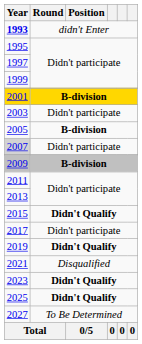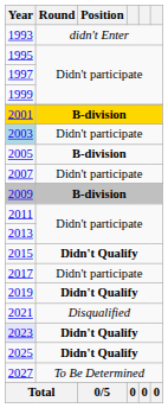 <table class="wikitable" style="text-align: center;">
 <tr>
 <th>Year</th>
 <th>Round</th>
 <th>Position</th>
 <th></th>
 <th></th>
 <th></th>
 </tr>
 <tr>
-<td><strong> <a href='#'>1993</a></strong></td>
+<td> <a href='#'>1993</a></td>
 <td colspan=5><em>didn't Enter</em></td>
 </tr>
 <tr>
 <td> <a href='#'>1995</a></td>
 <td colspan="5" rowspan="3">Didn't participate</td>
 </tr>
 <tr>
 <td> <a href='#'>1997</a></td>
 </tr>
 <tr>
 <td> <a href='#'>1999</a></td>
 </tr>
 <tr>
 </tr>
 <tr style="background:gold">
 <td> <a href='#'>2001</a></td>
 <td colspan=5><strong>B-division</strong></td>
 </tr>
 <tr>
-<td> <a href='#'>2003</a></td>
+<td style="background: lightblue;"> <a href='#'>2003</a></td>
 <td colspan=5>Didn't participate</td>
 </tr>
 <tr>
 <td> <a href='#'>2005</a></td>
 <td colspan=5><strong>B-division</strong></td>
 </tr>
 <tr>
-<td style="background: lightgrey;"> <a href='#'>2007</a></td>
+<td> <a href='#'>2007</a></td>
 <td colspan=5>Didn't participate</td>
 </tr>
 <tr>
 </tr>
 <tr style="background:silver">
 <td> <a href='#'>2009</a></td>
 <td colspan=5><strong>B-division</strong></td>
 </tr>
 <tr>
 <td> <a href='#'>2011</a></td>
 <td colspan="5" rowspan="2">Didn't participate</td>
 </tr>
 <tr>
 <td> <a href='#'>2013</a></td>
 </tr>
 <tr>
 <td> <a href='#'>2015</a></td>
 <td colspan=5><strong>Didn't Qualify</strong></td>
 </tr>
 <tr>
 <td> <a href='#'>2017</a></td>
 <td colspan=5>Didn't participate</td>
 </tr>
 <tr>
 <td> <a href='#'>2019</a></td>
 <td colspan=5><strong>Didn't Qualify</strong></td>
 </tr>
 <tr>
 <td> <a href='#'>2021</a></td>
 <td colspan=5><em>Disqualified</em></td>
 </tr>
 <tr>
-<td> <a href='#'>2023</a></td>
+<td style="background: lavender;"> <a href='#'>2023</a></td>
 <td colspan=5><strong>Didn't Qualify</strong></td>
 </tr>
 <tr>
 <td> <a href='#'>2025</a></td>
 <td colspan=5><strong>Didn't Qualify</strong></td>
 </tr>
 <tr>
 <td> <a href='#'>2027</a></td>
 <td colspan=5><em>To Be Determined</em></td>
 </tr>
 <tr>
 <th colspan=2>Total</th>
 <th>0/5</th>
 <th>0</th>
 <th>0</th>
 <th>0</th>
 </tr>
 </table>
